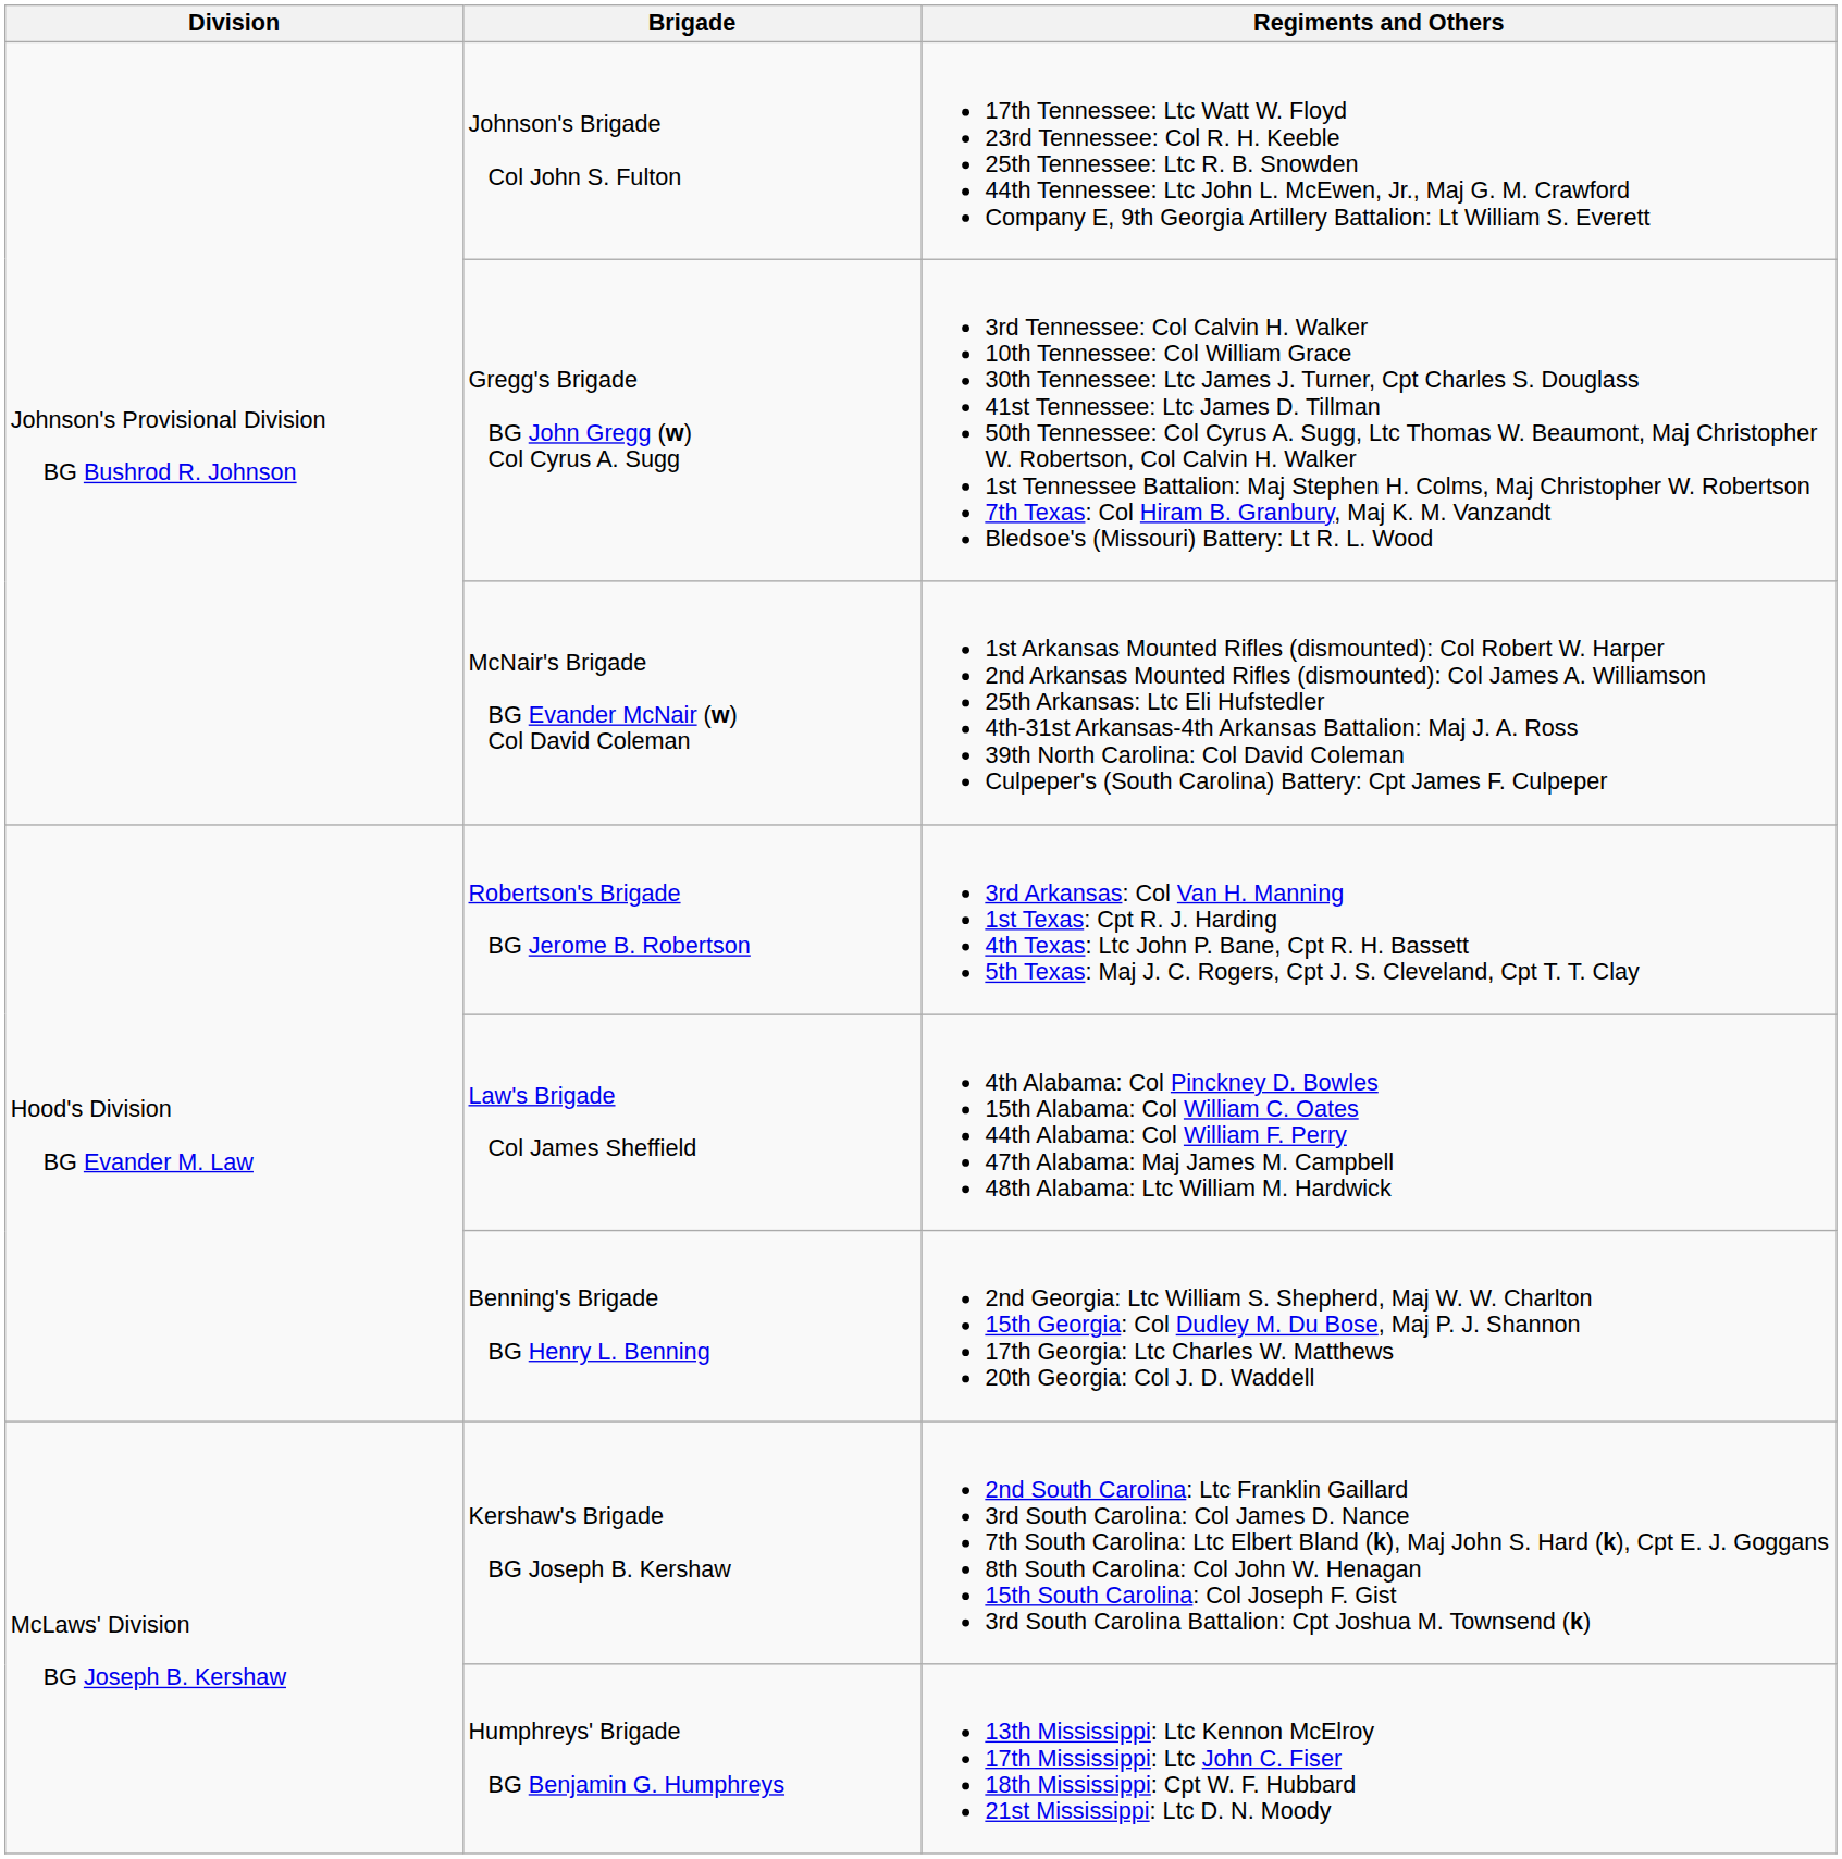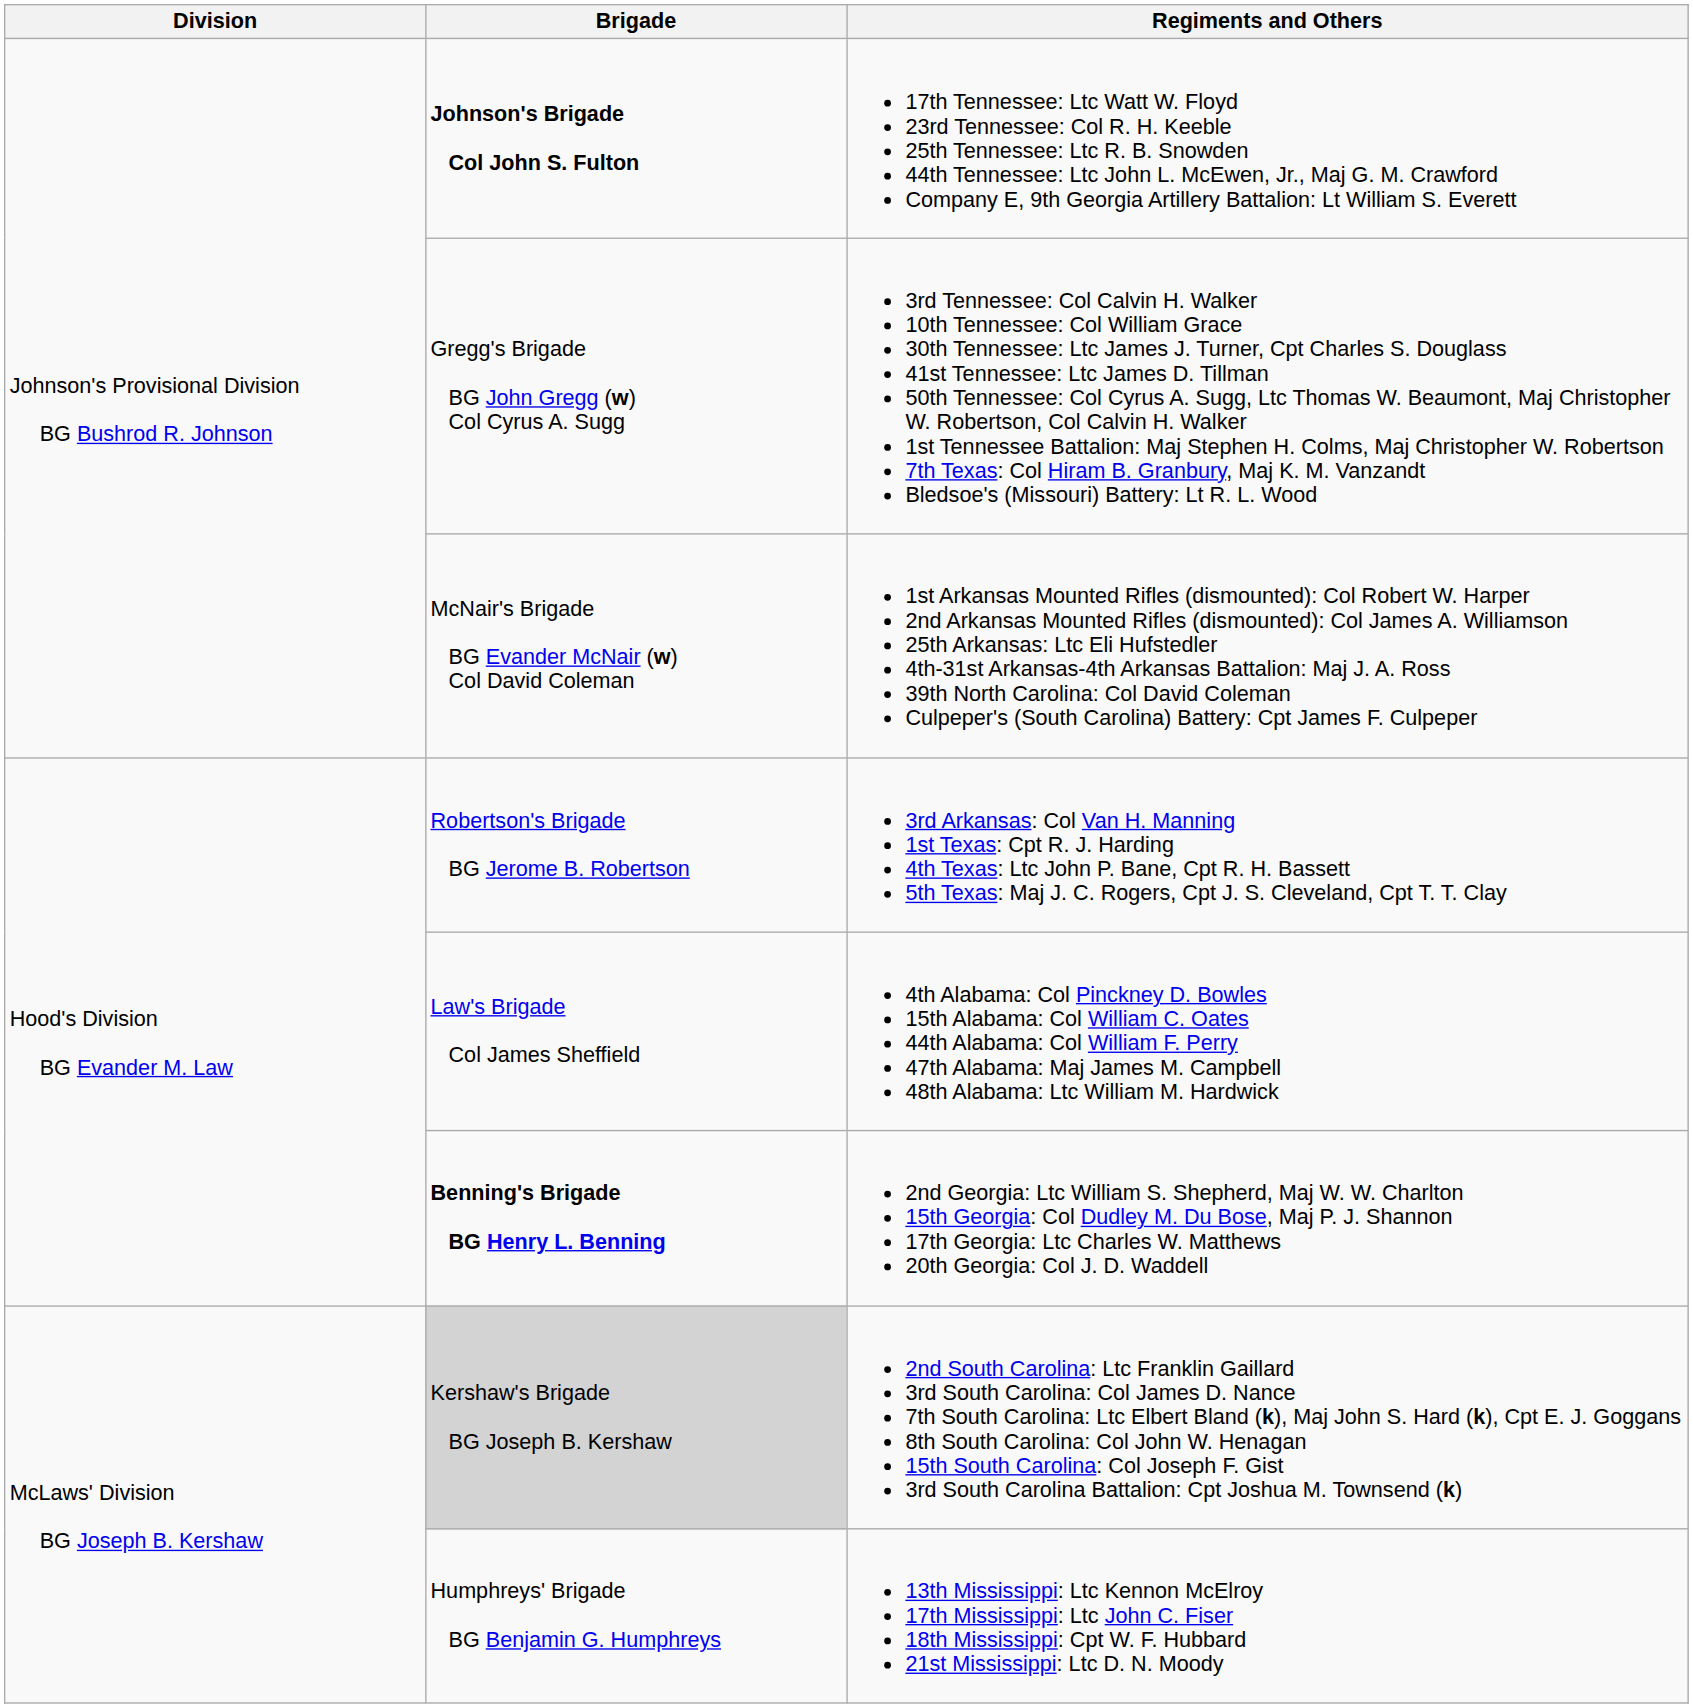 <table class="wikitable">
 <tr>
 <th width=25%>Division</th>
 <th width=25%>Brigade</th>
 <th>Regiments and Others</th>
 </tr>
 <tr>
 <td rowspan=3><br>Johnson's Provisional Division<br><br>     BG <a href='#'>Bushrod R. Johnson</a></td>
-<td>Johnson's Brigade<br><br>   Col John S. Fulton</td>
+<td><strong>Johnson's Brigade<br><br>   Col John S. Fulton</strong></td>
 <td><br><ul><li>17th Tennessee: Ltc Watt W. Floyd</li><li>23rd Tennessee: Col R. H. Keeble</li><li>25th Tennessee: Ltc R. B. Snowden</li><li>44th Tennessee: Ltc John L. McEwen, Jr., Maj G. M. Crawford</li><li>Company E, 9th Georgia Artillery Battalion: Lt William S. Everett</li></ul></td>
 </tr>
 <tr>
 <td>Gregg's Brigade<br><br>   BG <a href='#'>John Gregg</a> (<strong>w</strong>) <br>   Col Cyrus A. Sugg</td>
 <td><br><ul><li>3rd Tennessee: Col Calvin H. Walker</li><li>10th Tennessee: Col William Grace</li><li>30th Tennessee: Ltc James J. Turner, Cpt Charles S. Douglass</li><li>41st Tennessee: Ltc James D. Tillman</li><li>50th Tennessee: Col Cyrus A. Sugg, Ltc Thomas W. Beaumont, Maj Christopher W. Robertson, Col Calvin H. Walker</li><li>1st Tennessee Battalion: Maj Stephen H. Colms, Maj Christopher W. Robertson</li><li><a href='#'>7th Texas</a>: Col <a href='#'>Hiram B. Granbury</a>, Maj K. M. Vanzandt</li><li>Bledsoe's (Missouri) Battery: Lt R. L. Wood</li></ul></td>
 </tr>
 <tr>
 <td>McNair's Brigade<br><br>   BG <a href='#'>Evander McNair</a> (<strong>w</strong>) <br>   Col David Coleman</td>
 <td><br><ul><li>1st Arkansas Mounted Rifles (dismounted): Col Robert W. Harper</li><li>2nd Arkansas Mounted Rifles (dismounted):  Col James A. Williamson</li><li>25th Arkansas: Ltc Eli Hufstedler</li><li>4th-31st Arkansas-4th Arkansas Battalion: Maj J. A. Ross</li><li>39th North Carolina: Col David Coleman</li><li>Culpeper's (South Carolina) Battery: Cpt James F. Culpeper</li></ul></td>
 </tr>
 <tr>
 <td rowspan=3><br>Hood's Division<br><br>     BG <a href='#'>Evander M. Law</a></td>
 <td><a href='#'>Robertson's Brigade</a><br><br>   BG <a href='#'>Jerome B. Robertson</a></td>
 <td><br><ul><li><a href='#'>3rd Arkansas</a>: Col <a href='#'>Van H. Manning</a></li><li><a href='#'>1st Texas</a>: Cpt R. J. Harding</li><li><a href='#'>4th Texas</a>: Ltc John P. Bane, Cpt R. H. Bassett</li><li><a href='#'>5th Texas</a>: Maj J. C. Rogers, Cpt J. S. Cleveland, Cpt T. T. Clay</li></ul></td>
 </tr>
 <tr>
 <td><a href='#'>Law's Brigade</a><br><br>   Col James Sheffield</td>
 <td><br><ul><li>4th Alabama: Col <a href='#'>Pinckney D. Bowles</a></li><li>15th Alabama: Col <a href='#'>William C. Oates</a></li><li>44th Alabama: Col <a href='#'>William F. Perry</a></li><li>47th Alabama: Maj James M. Campbell</li><li>48th Alabama: Ltc William M. Hardwick</li></ul></td>
 </tr>
 <tr>
-<td>Benning's Brigade<br><br>   BG <a href='#'>Henry L. Benning</a></td>
+<td><strong>Benning's Brigade<br><br>   BG <a href='#'>Henry L. Benning</a></strong></td>
 <td><br><ul><li>2nd Georgia: Ltc William S. Shepherd, Maj W. W. Charlton</li><li><a href='#'>15th Georgia</a>: Col <a href='#'>Dudley M. Du Bose</a>, Maj P. J. Shannon</li><li>17th Georgia: Ltc Charles W. Matthews</li><li>20th Georgia: Col J. D. Waddell</li></ul></td>
 </tr>
 <tr>
 <td rowspan=2><br>McLaws' Division<br><br>     BG <a href='#'>Joseph B. Kershaw</a></td>
-<td>Kershaw's Brigade<br><br>   BG Joseph B. Kershaw</td>
+<td style="background: lightgrey;">Kershaw's Brigade<br><br>   BG Joseph B. Kershaw</td>
 <td><br><ul><li><a href='#'>2nd South Carolina</a>: Ltc Franklin Gaillard</li><li>3rd South Carolina: Col James D. Nance</li><li>7th South Carolina: Ltc Elbert Bland (<strong>k</strong>), Maj John S. Hard (<strong>k</strong>), Cpt E. J. Goggans</li><li>8th South Carolina: Col John W. Henagan</li><li><a href='#'>15th South Carolina</a>: Col Joseph F. Gist</li><li>3rd South Carolina Battalion: Cpt Joshua M. Townsend (<strong>k</strong>)</li></ul></td>
 </tr>
 <tr>
 <td>Humphreys' Brigade<br><br>   BG <a href='#'>Benjamin G. Humphreys</a></td>
 <td><br><ul><li><a href='#'>13th Mississippi</a>: Ltc Kennon McElroy</li><li><a href='#'>17th Mississippi</a>: Ltc <a href='#'>John C. Fiser</a></li><li><a href='#'>18th Mississippi</a>: Cpt W. F. Hubbard</li><li><a href='#'>21st Mississippi</a>: Ltc D. N. Moody</li></ul></td>
 </tr>
 </table>
